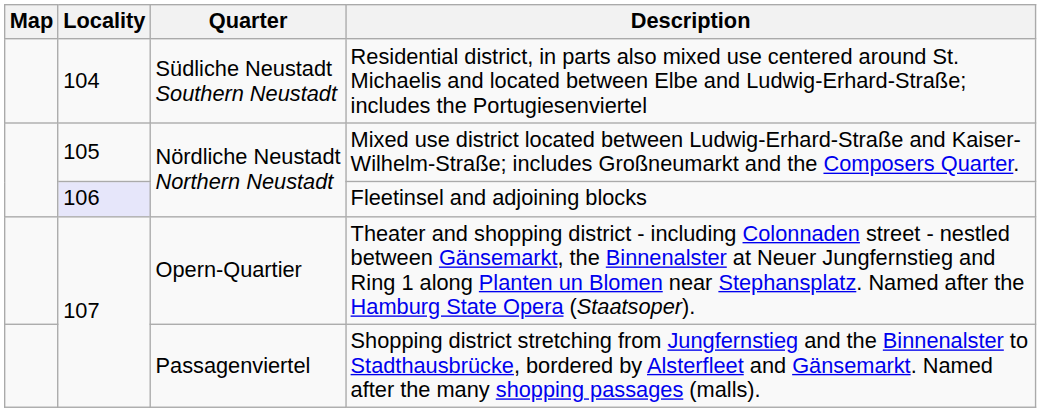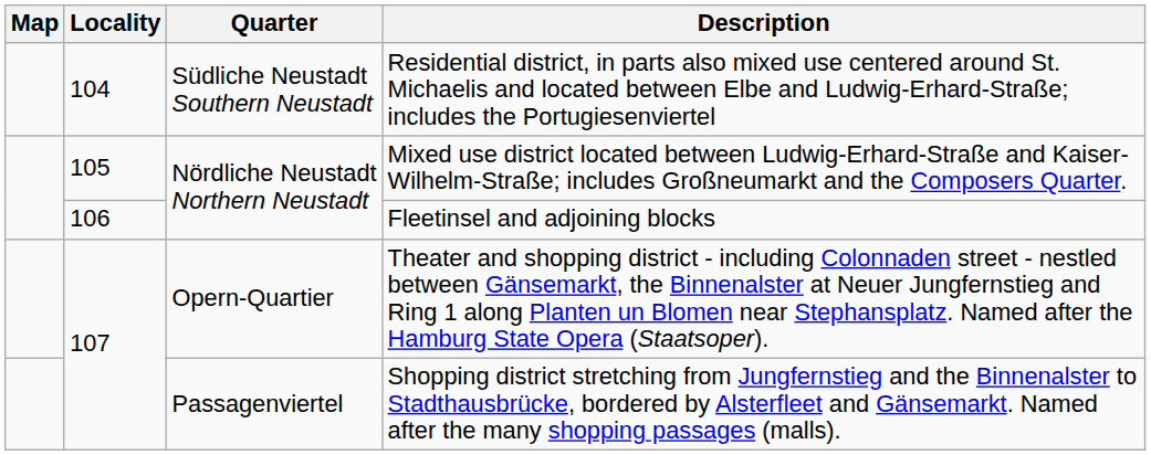 <table class="wikitable">
 <tr>
 <th>Map</th>
 <th>Locality</th>
 <th>Quarter</th>
 <th width="500px">Description</th>
 </tr>
 <tr>
 <td></td>
 <td>104</td>
 <td>Südliche Neustadt <br><em>Southern Neustadt</em></td>
 <td>Residential district, in parts also mixed use centered around St. Michaelis and located between Elbe and Ludwig-Erhard-Straße; includes the Portugiesenviertel</td>
 </tr>
 <tr>
 <td rowspan="2"></td>
 <td>105</td>
 <td rowspan="2">Nördliche Neustadt <br><em>Northern Neustadt</em></td>
 <td>Mixed use district located between Ludwig-Erhard-Straße and Kaiser-Wilhelm-Straße; includes Großneumarkt and the <a href='#'>Composers Quarter</a>.</td>
 </tr>
 <tr>
-<td style="background: lavender;">106</td>
+<td>106</td>
 <td>Fleetinsel and adjoining blocks</td>
 </tr>
 <tr>
 <td></td>
 <td rowspan="2">107</td>
 <td>Opern-Quartier</td>
 <td>Theater and shopping district - including <a href='#'>Colonnaden</a> street - nestled between <a href='#'>Gänsemarkt</a>, the <a href='#'>Binnenalster</a> at Neuer Jungfernstieg and Ring 1 along <a href='#'>Planten un Blomen</a> near <a href='#'>Stephansplatz</a>. Named after the <a href='#'>Hamburg State Opera</a> (<em>Staatsoper</em>).</td>
 </tr>
 <tr>
 <td></td>
 <td>Passagenviertel</td>
 <td>Shopping district stretching from <a href='#'>Jungfernstieg</a> and the <a href='#'>Binnenalster</a> to <a href='#'>Stadthausbrücke</a>, bordered by <a href='#'>Alsterfleet</a> and <a href='#'>Gänsemarkt</a>. Named after the many <a href='#'>shopping passages</a> (malls).</td>
 </tr>
 </table>
